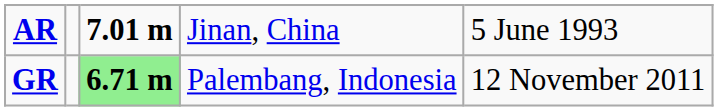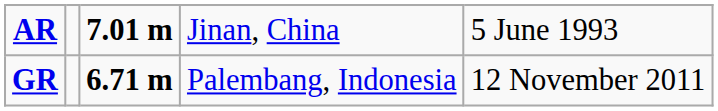 <table class="wikitable" style="font-size:95%; position:relative;">
 <tr>
 <td align=center><strong><a href='#'>AR</a></strong></td>
 <td></td>
 <td><strong>7.01 m</strong></td>
 <td><a href='#'>Jinan</a>, <a href='#'>China</a></td>
 <td>5 June 1993</td>
 </tr>
 <tr>
 <td align=center><strong><a href='#'>GR</a></strong></td>
 <td></td>
-<td style="background: lightgreen;"><strong>6.71 m</strong></td>
+<td><strong>6.71 m</strong></td>
 <td><a href='#'>Palembang</a>, <a href='#'>Indonesia</a></td>
 <td>12 November 2011</td>
 </tr>
 </table>
